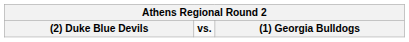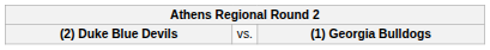 <table class="wikitable">
 <tr>
 <th style="width: 604px;" colspan=3>Athens Regional Round 2</th>
 </tr>
 <tr>
 <th style="width: 289px; ">(2) Duke Blue Devils</th>
-<td style="width: 25px; text-align:center"><strong>vs.</strong></td>
+<td style="width: 25px; text-align:center">vs.</td>
 <th style="width: 289px; ">(1) Georgia Bulldogs</th>
 </tr>
 </table>
